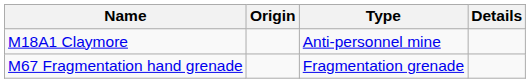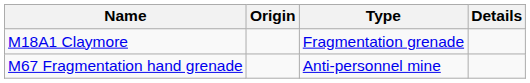 <table class="wikitable">
 <tr>
 <th>Name</th>
 <th>Origin</th>
 <th>Type</th>
 <th>Details</th>
 </tr>
 <tr>
 <td><a href='#'>M18A1 Claymore</a></td>
 <td></td>
-<td><a href='#'>Anti-personnel mine</a></td>
+<td><a href='#'>Fragmentation grenade</a></td>
 <td></td>
 </tr>
 <tr>
 <td><a href='#'>M67 Fragmentation hand grenade</a></td>
 <td></td>
-<td><a href='#'>Fragmentation grenade</a></td>
+<td><a href='#'>Anti-personnel mine</a></td>
 </tr>
 </table>
